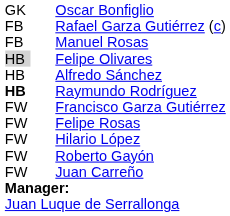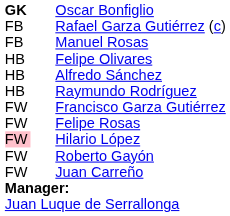 <table style="font-size: 90%" cellspacing="0" cellpadding="0" align=center>
 <tr>
 <th width="25"></th>
 <th width="25"></th>
 </tr>
 <tr>
-<td>GK</td>
+<td><strong>GK</strong></td>
 <td></td>
 <td><a href='#'>Oscar Bonfiglio</a></td>
 </tr>
 <tr>
 <td>FB</td>
 <td></td>
 <td><a href='#'>Rafael Garza Gutiérrez</a> (<a href='#'>c</a>)</td>
 </tr>
 <tr>
 <td>FB</td>
 <td></td>
 <td><a href='#'>Manuel Rosas</a></td>
 </tr>
 <tr>
-<td style="background: lightgrey;">HB</td>
+<td>HB</td>
 <td></td>
 <td><a href='#'>Felipe Olivares</a></td>
 </tr>
 <tr>
 <td>HB</td>
 <td></td>
 <td><a href='#'>Alfredo Sánchez</a></td>
 </tr>
 <tr>
-<td><strong>HB</strong></td>
+<td>HB</td>
 <td></td>
 <td><a href='#'>Raymundo Rodríguez</a></td>
 </tr>
 <tr>
 <td>FW</td>
 <td></td>
 <td><a href='#'>Francisco Garza Gutiérrez</a></td>
 </tr>
 <tr>
 <td>FW</td>
 <td></td>
 <td><a href='#'>Felipe Rosas</a></td>
 </tr>
 <tr>
-<td>FW</td>
+<td style="background: pink;">FW</td>
 <td></td>
 <td><a href='#'>Hilario López</a></td>
 </tr>
 <tr>
 <td>FW</td>
 <td></td>
 <td><a href='#'>Roberto Gayón</a></td>
 </tr>
 <tr>
 <td>FW</td>
 <td></td>
 <td><a href='#'>Juan Carreño</a></td>
 </tr>
 <tr>
 <td colspan=3><strong>Manager:</strong></td>
 </tr>
 <tr>
 <td colspan=4><a href='#'>Juan Luque de Serrallonga</a></td>
 </tr>
 </table>
